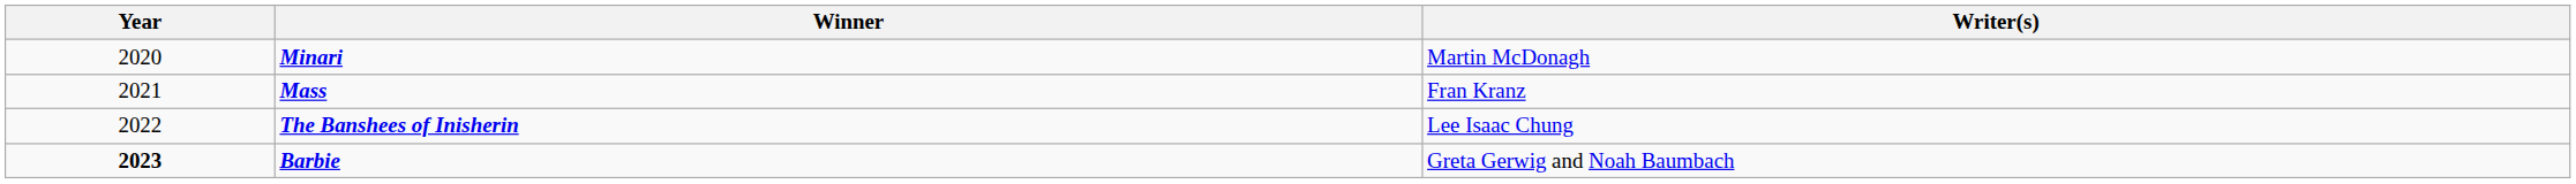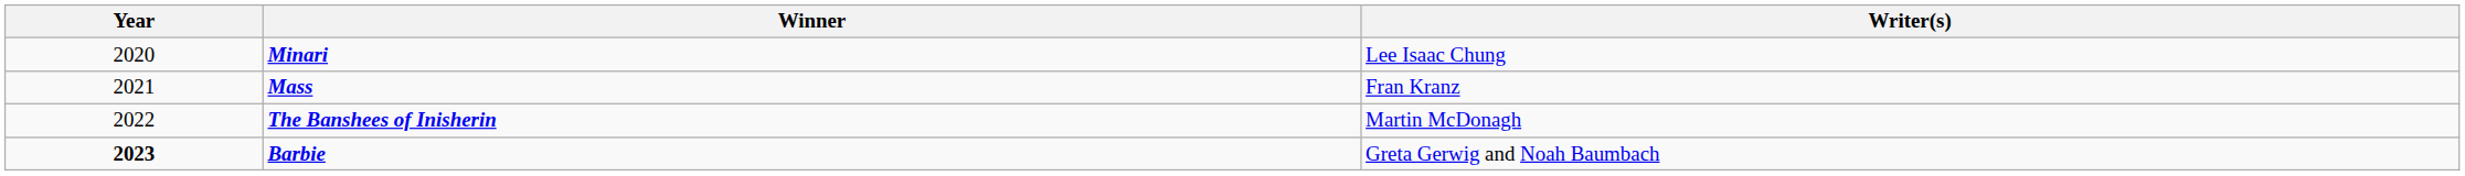 <table class="wikitable" width="95%" cellpadding="5">
 <tr>
 <th width="100"><strong>Year</strong></th>
 <th width="450"><strong>Winner</strong></th>
 <th width="450"><strong>Writer(s)</strong></th>
 </tr>
 <tr>
 <td style="text-align:center;">2020</td>
 <td><strong><em><a href='#'>Minari</a></em></strong></td>
-<td><a href='#'>Martin McDonagh</a></td>
+<td><a href='#'>Lee Isaac Chung</a></td>
 </tr>
 <tr>
 <td style="text-align:center;">2021</td>
 <td><strong><em><a href='#'>Mass</a></em></strong></td>
 <td><a href='#'>Fran Kranz</a></td>
 </tr>
 <tr>
 <td style="text-align:center">2022</td>
 <td><strong><em><a href='#'>The Banshees of Inisherin</a></em></strong></td>
-<td><a href='#'>Lee Isaac Chung</a></td>
+<td><a href='#'>Martin McDonagh</a></td>
 </tr>
 <tr>
 <td style="text-align:center"><strong>2023</strong></td>
 <td><strong><em><a href='#'>Barbie</a></em></strong></td>
 <td><a href='#'>Greta Gerwig</a> and <a href='#'>Noah Baumbach</a></td>
 </tr>
 </table>
